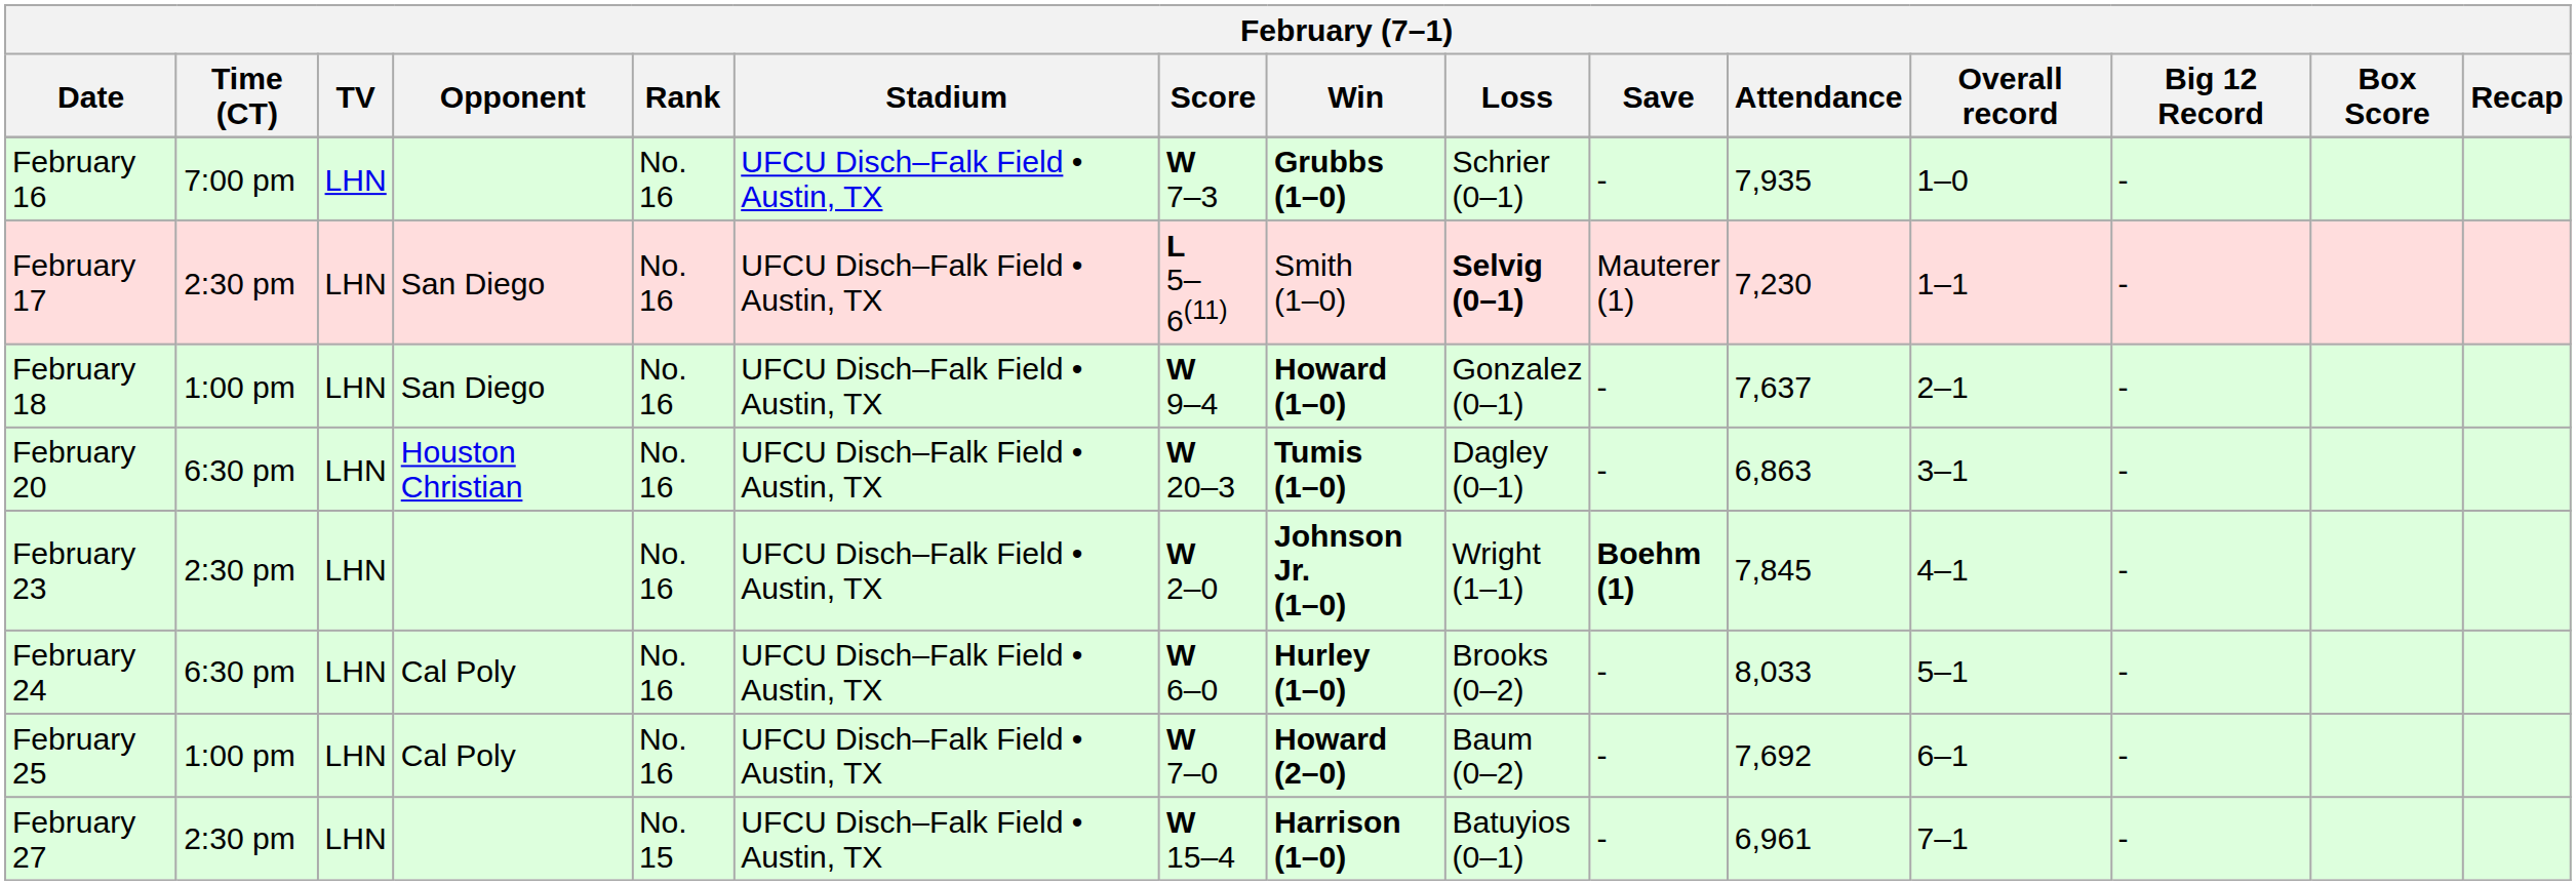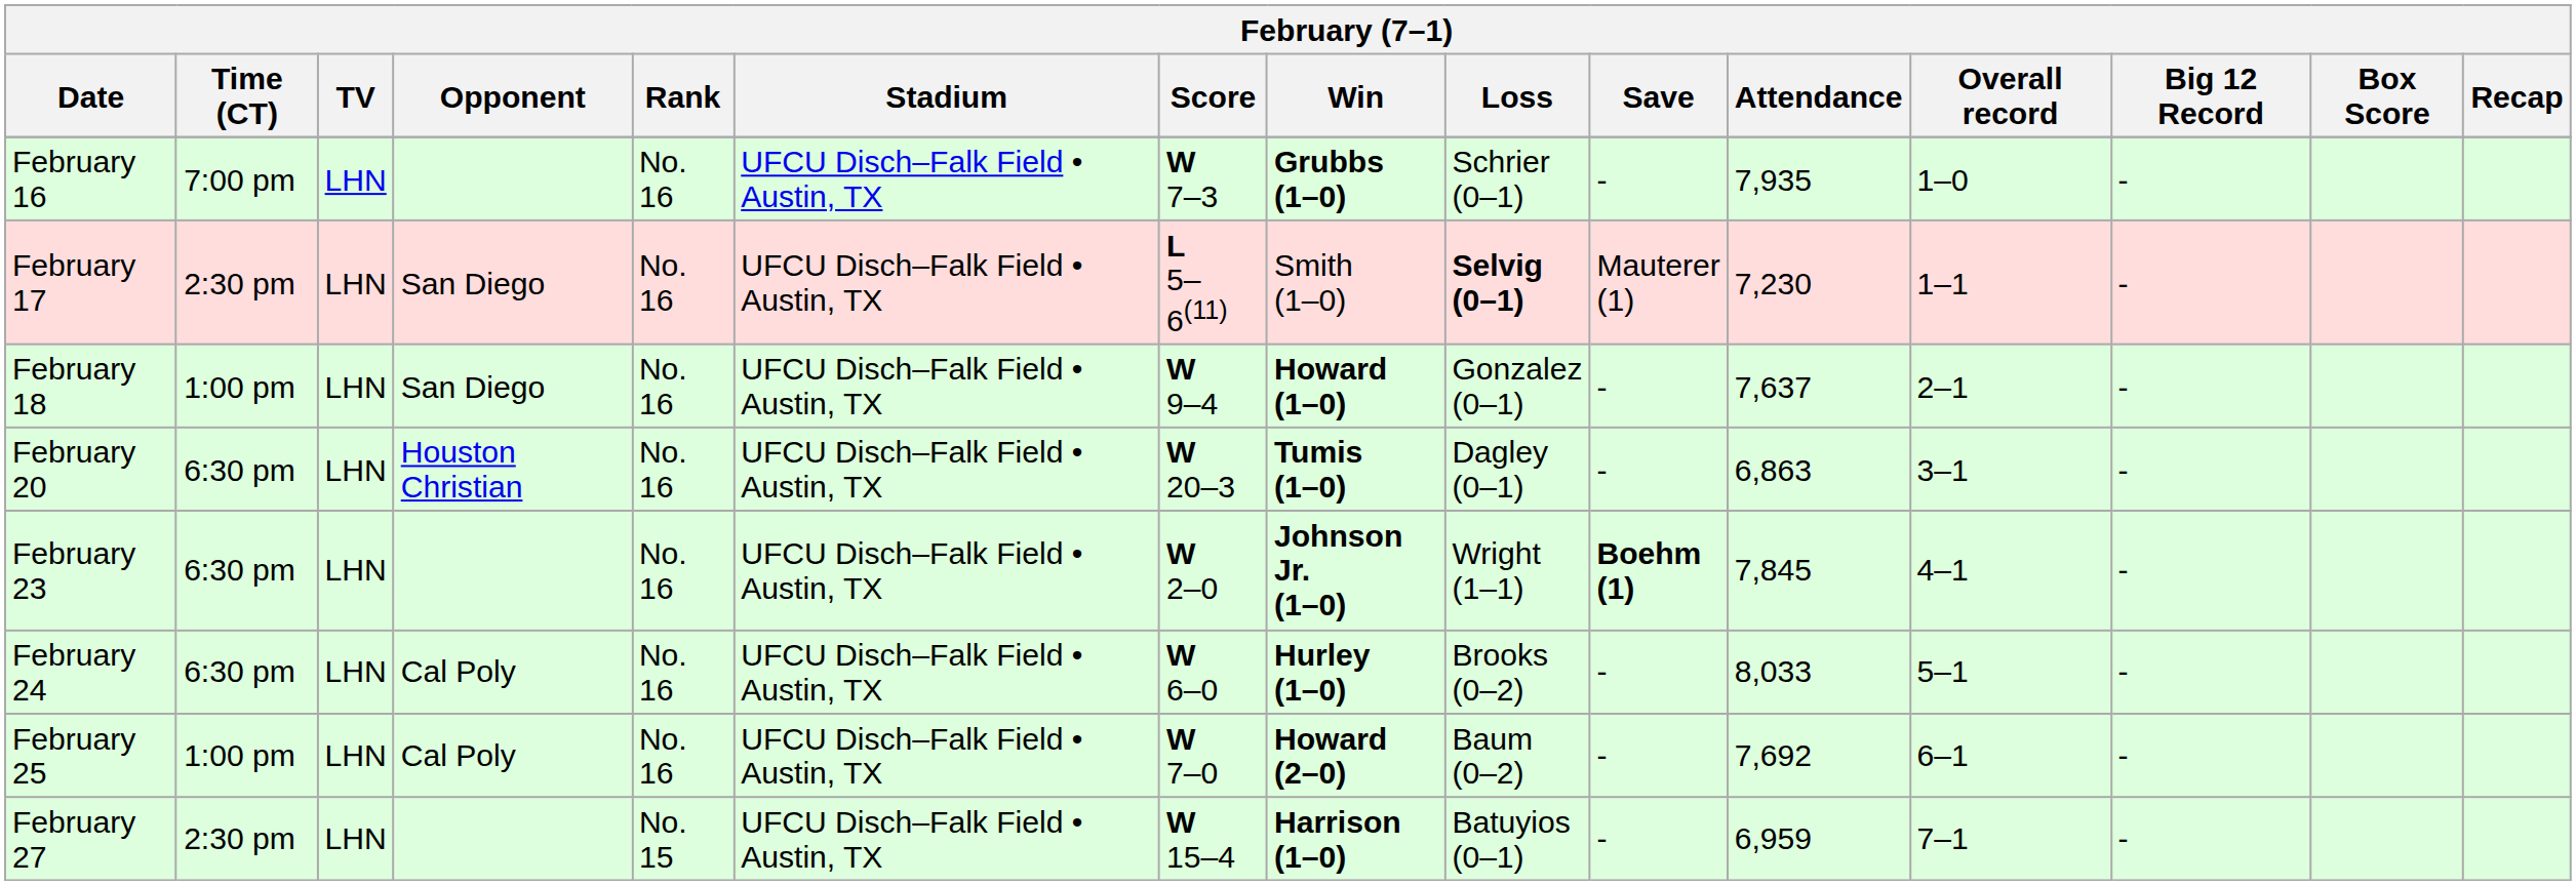 <table class="wikitable collapsible collapsed" style="margin:auto; font-size:95%; width:100%">
 <tr>
 <th colspan=15 style="padding-left:4em;">February (7–1)</th>
 </tr>
 <tr>
 <th>Date</th>
 <th>Time (CT)</th>
 <th>TV</th>
 <th>Opponent</th>
 <th>Rank</th>
 <th>Stadium</th>
 <th>Score</th>
 <th>Win</th>
 <th>Loss</th>
 <th>Save</th>
 <th>Attendance</th>
 <th>Overall record</th>
 <th>Big 12 Record</th>
 <th>Box Score</th>
 <th>Recap</th>
 </tr>
 <tr>
 </tr>
 <tr bgcolor=ddffdd>
 <td>February 16</td>
 <td>7:00 pm</td>
 <td><a href='#'>LHN</a></td>
 <td></td>
 <td>No. 16</td>
 <td><a href='#'>UFCU Disch–Falk Field</a> • <a href='#'>Austin, TX</a></td>
 <td><strong>W</strong><br>7–3</td>
 <td><strong>Grubbs<br>(1–0)</strong></td>
 <td>Schrier<br>(0–1)</td>
 <td>-</td>
 <td>7,935</td>
 <td>1–0</td>
 <td>-</td>
 <td></td>
 <td></td>
 </tr>
 <tr bgcolor=ffdddd>
 <td>February 17</td>
 <td>2:30 pm</td>
 <td>LHN</td>
 <td>San Diego</td>
 <td>No. 16</td>
 <td>UFCU Disch–Falk Field • Austin, TX</td>
 <td><strong>L</strong><br>5–6<sup>(11)</sup></td>
 <td>Smith<br>(1–0)</td>
 <td><strong>Selvig<br>(0–1)</strong></td>
 <td>Mauterer<br>(1)</td>
 <td>7,230</td>
 <td>1–1</td>
 <td>-</td>
 <td></td>
 <td></td>
 </tr>
 <tr bgcolor=ddffdd>
 <td>February 18</td>
 <td>1:00 pm</td>
 <td>LHN</td>
 <td>San Diego</td>
 <td>No. 16</td>
 <td>UFCU Disch–Falk Field • Austin, TX</td>
 <td><strong>W</strong><br>9–4</td>
 <td><strong>Howard<br>(1–0)</strong></td>
 <td>Gonzalez<br>(0–1)</td>
 <td>-</td>
 <td>7,637</td>
 <td>2–1</td>
 <td>-</td>
 <td></td>
 <td></td>
 </tr>
 <tr bgcolor=ddffdd>
 <td>February 20</td>
 <td>6:30 pm</td>
 <td>LHN</td>
 <td><a href='#'>Houston Christian</a></td>
 <td>No. 16</td>
 <td>UFCU Disch–Falk Field • Austin, TX</td>
 <td><strong>W</strong><br>20–3</td>
 <td><strong>Tumis<br>(1–0)</strong></td>
 <td>Dagley<br>(0–1)</td>
 <td>-</td>
 <td>6,863</td>
 <td>3–1</td>
 <td>-</td>
 <td></td>
 <td></td>
 </tr>
 <tr bgcolor=ddffdd>
 <td>February 23</td>
-<td>2:30 pm</td>
+<td>6:30 pm</td>
 <td>LHN</td>
 <td></td>
 <td>No. 16</td>
 <td>UFCU Disch–Falk Field • Austin, TX</td>
 <td><strong>W</strong><br>2–0</td>
 <td><strong>Johnson Jr.<br>(1–0)</strong></td>
 <td>Wright<br>(1–1)</td>
 <td><strong>Boehm<br>(1)</strong></td>
 <td>7,845</td>
 <td>4–1</td>
 <td>-</td>
 <td></td>
 <td></td>
 </tr>
 <tr bgcolor= ddffdd>
 <td>February 24</td>
 <td>6:30 pm</td>
 <td>LHN</td>
 <td>Cal Poly</td>
 <td>No. 16</td>
 <td>UFCU Disch–Falk Field • Austin, TX</td>
 <td><strong>W</strong><br>6–0</td>
 <td><strong>Hurley<br>(1–0)</strong></td>
 <td>Brooks<br>(0–2)</td>
 <td>-</td>
 <td>8,033</td>
 <td>5–1</td>
 <td>-</td>
 <td></td>
 <td></td>
 </tr>
 <tr bgcolor=ddffdd>
 <td>February 25</td>
 <td>1:00 pm</td>
 <td>LHN</td>
 <td>Cal Poly</td>
 <td>No. 16</td>
 <td>UFCU Disch–Falk Field • Austin, TX</td>
 <td><strong>W</strong><br>7–0</td>
 <td><strong>Howard<br>(2–0)</strong></td>
 <td>Baum<br>(0–2)</td>
 <td>-</td>
 <td>7,692</td>
 <td>6–1</td>
 <td>-</td>
 <td></td>
 <td></td>
 </tr>
 <tr bgcolor=ddffdd>
 <td>February 27</td>
 <td>2:30 pm</td>
 <td>LHN</td>
 <td></td>
 <td>No. 15</td>
 <td>UFCU Disch–Falk Field • Austin, TX</td>
 <td><strong>W</strong><br>15–4</td>
 <td><strong>Harrison<br>(1–0)</strong></td>
 <td>Batuyios<br>(0–1)</td>
 <td>-</td>
-<td>6,961</td>
+<td>6,959</td>
 <td>7–1</td>
 <td>-</td>
 <td></td>
 <td></td>
 </tr>
 </table>
